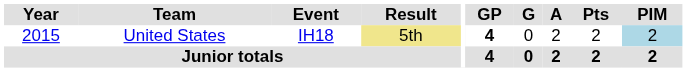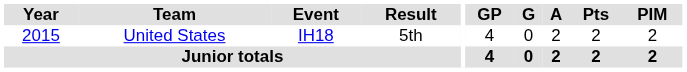 <table border="0" cellpadding="1" cellspacing="0" ID="Table3" style="text-align:center; width:40em">
 <tr bgcolor="#e0e0e0">
 <th>Year</th>
 <th>Team</th>
 <th>Event</th>
 <th>Result</th>
 <th rowspan="99" bgcolor="#ffffff"></th>
 <th>GP</th>
 <th>G</th>
 <th>A</th>
 <th>Pts</th>
 <th>PIM</th>
 </tr>
 <tr>
 <td><a href='#'>2015</a></td>
 <td><a href='#'>United States</a></td>
 <td><a href='#'>IH18</a></td>
-<td style="background: khaki;">5th</td>
-<td><strong>4</strong></td>
+<td>5th</td>
+<td>4</td>
 <td>0</td>
 <td>2</td>
 <td>2</td>
-<td style="background: lightblue;">2</td>
+<td>2</td>
 </tr>
 <tr bgcolor="#e0e0e0">
 <th colspan="4">Junior totals</th>
 <th>4</th>
 <th>0</th>
 <th>2</th>
 <th>2</th>
 <th>2</th>
 </tr>
 </table>
